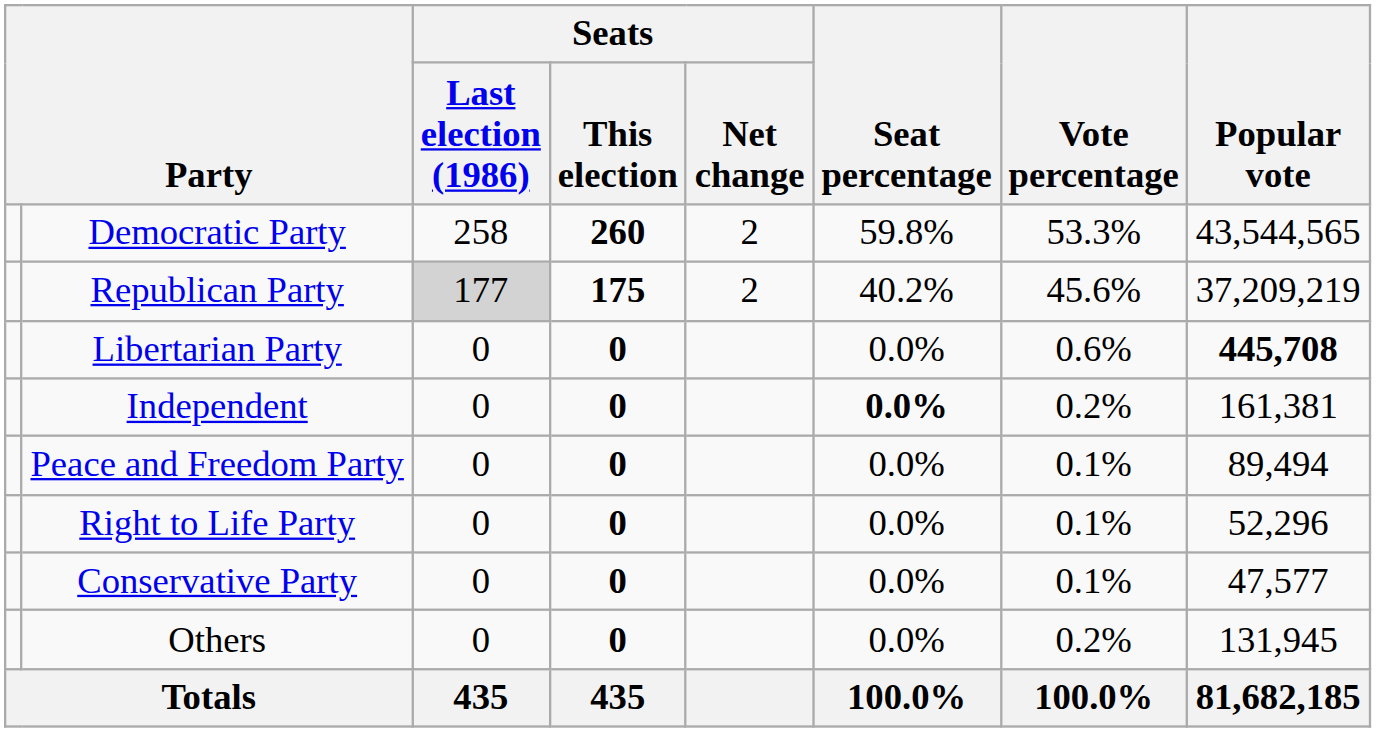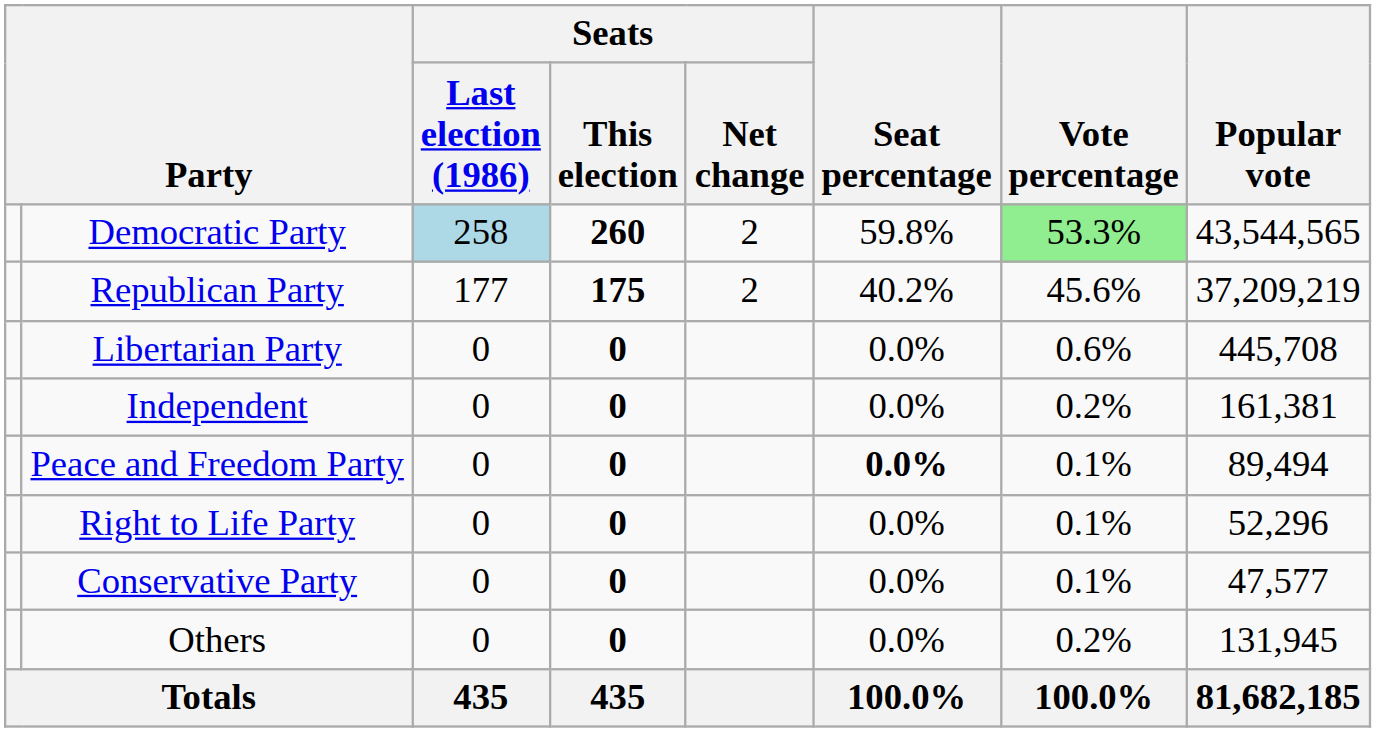 <table class=wikitable style="text-align:center">
 <tr valign=bottom>
 <th rowspan=2 colspan=2>Party</th>
 <th colspan=3>Seats</th>
 <th rowspan=2>Seat<br>percentage</th>
 <th rowspan=2>Vote<br>percentage</th>
 <th rowspan=2>Popular<br>vote</th>
 </tr>
 <tr valign=bottom>
 <th><a href='#'>Last<br>election<br>(1986)</a></th>
 <th>This<br>election</th>
 <th>Net<br>change</th>
 </tr>
 <tr>
 <td></td>
 <td><a href='#'>Democratic Party</a></td>
-<td>258</td>
+<td style="background: lightblue;">258</td>
 <td><strong>260</strong></td>
 <td> 2</td>
 <td>59.8%</td>
-<td>53.3%</td>
+<td style="background: lightgreen;">53.3%</td>
 <td>43,544,565</td>
 </tr>
 <tr>
 <td></td>
 <td><a href='#'>Republican Party</a></td>
-<td style="background: lightgrey;">177</td>
+<td>177</td>
 <td><strong>175</strong></td>
 <td> 2</td>
 <td>40.2%</td>
 <td>45.6%</td>
 <td>37,209,219</td>
 </tr>
 <tr>
 <td></td>
 <td><a href='#'>Libertarian Party</a></td>
 <td>0</td>
 <td><strong>0</strong></td>
 <td></td>
 <td>0.0%</td>
 <td>0.6%</td>
-<td><strong>445,708</strong></td>
+<td>445,708</td>
 </tr>
 <tr>
 <td></td>
 <td><a href='#'>Independent</a></td>
 <td>0</td>
 <td><strong>0</strong></td>
 <td></td>
-<td><strong>0.0%</strong></td>
+<td>0.0%</td>
 <td>0.2%</td>
 <td>161,381</td>
 </tr>
 <tr>
 <td></td>
 <td><a href='#'>Peace and Freedom Party</a></td>
 <td>0</td>
 <td><strong>0</strong></td>
 <td></td>
-<td>0.0%</td>
+<td><strong>0.0%</strong></td>
 <td>0.1%</td>
 <td>89,494</td>
 </tr>
 <tr>
 <td></td>
 <td><a href='#'>Right to Life Party</a></td>
 <td>0</td>
 <td><strong>0</strong></td>
 <td></td>
 <td>0.0%</td>
 <td>0.1%</td>
 <td>52,296</td>
 </tr>
 <tr>
 <td></td>
 <td><a href='#'>Conservative Party</a></td>
 <td>0</td>
 <td><strong>0</strong></td>
 <td></td>
 <td>0.0%</td>
 <td>0.1%</td>
 <td>47,577</td>
 </tr>
 <tr>
 <td></td>
 <td>Others</td>
 <td>0</td>
 <td><strong>0</strong></td>
 <td></td>
 <td>0.0%</td>
 <td>0.2%</td>
 <td>131,945</td>
 </tr>
 <tr>
 <th colspan=2><strong>Totals</strong></th>
 <th>435</th>
 <th>435</th>
 <th></th>
 <th>100.0%</th>
 <th>100.0%</th>
 <th>81,682,185</th>
 </tr>
 </table>
